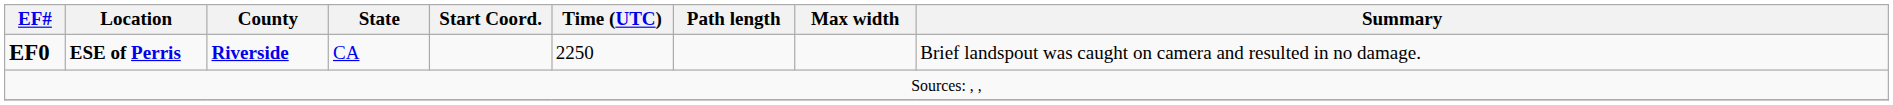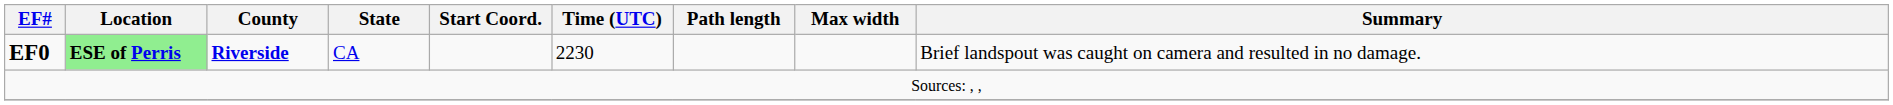 <table class="wikitable collapsible" width="100%">
 <tr>
 <th scope="col"  style="width:3%; text-align:center;"><a href='#'>EF#</a></th>
 <th scope="col"  style="width:7%; text-align:center;" class="unsortable">Location</th>
 <th scope="col"  style="width:6%; text-align:center;" class="unsortable">County</th>
 <th scope="col"  style="width:5%; text-align:center;">State</th>
 <th scope="col"  style="width:6%; text-align:center;">Start Coord.</th>
 <th scope="col"  style="width:6%; text-align:center;">Time (<a href='#'>UTC</a>)</th>
 <th scope="col"  style="width:6%; text-align:center;">Path length</th>
 <th scope="col"  style="width:6%; text-align:center;">Max width</th>
 <th scope="col" class="unsortable" style="width:48%; text-align:center;">Summary</th>
 </tr>
 <tr>
 <td><big><strong>EF0</strong></big></td>
-<td><strong>ESE of <a href='#'>Perris</a></strong></td>
+<td style="background: lightgreen;"><strong>ESE of <a href='#'>Perris</a></strong></td>
 <td><strong><a href='#'>Riverside</a></strong></td>
 <td><a href='#'>CA</a></td>
 <td></td>
-<td>2250</td>
+<td>2230</td>
 <td></td>
 <td></td>
 <td>Brief landspout was caught on camera and resulted in no damage.</td>
 </tr>
 <tr>
 <td colspan="9" align=center><small>Sources: , , </small></td>
 </tr>
 <tr>
 </tr>
 </table>
